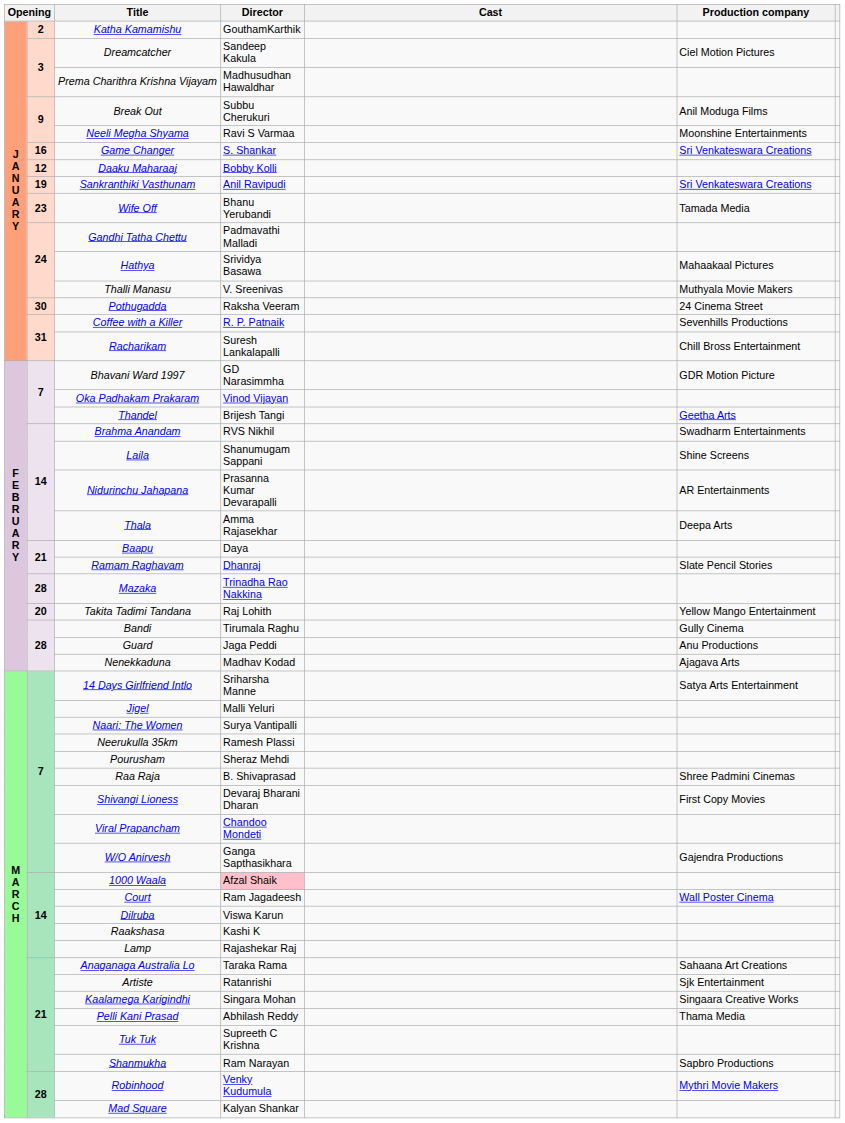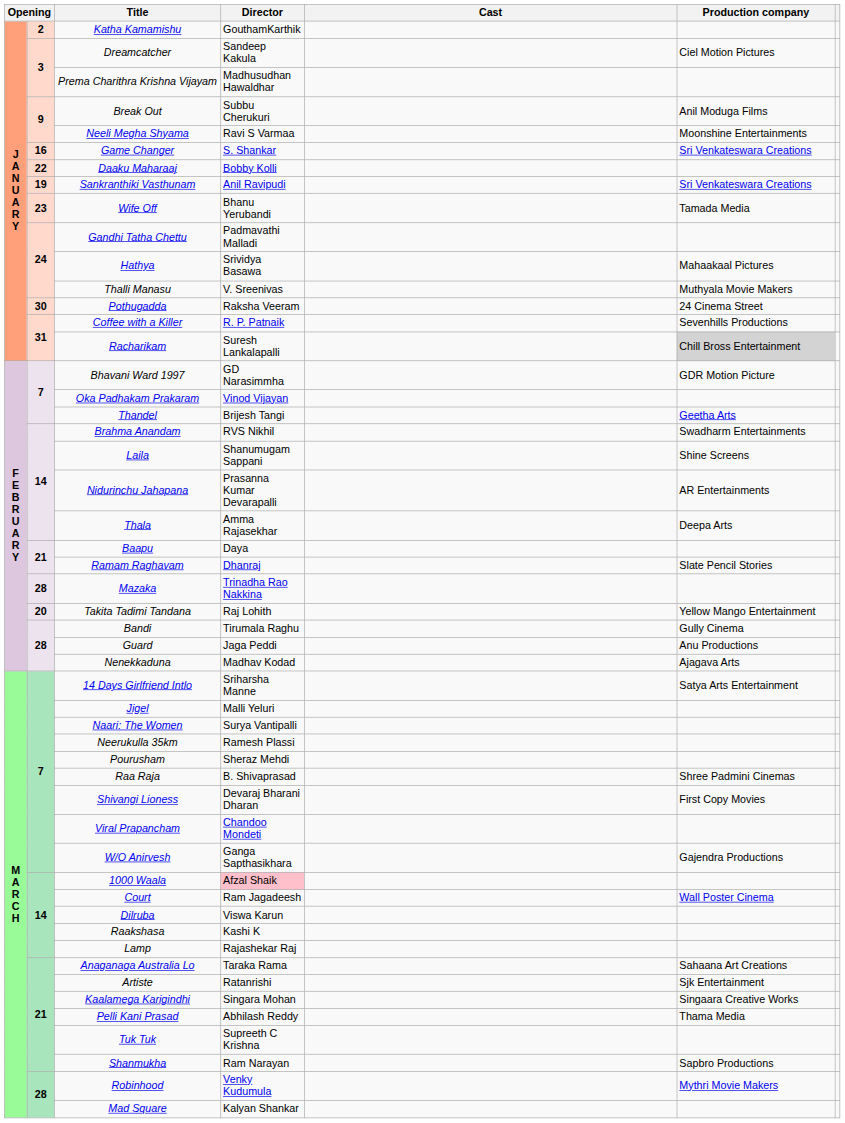 <table class="wikitable sortable">
 <tr>
 <th colspan="2" style="width:6%;">Opening</th>
 <th style="width:20%;">Title</th>
 <th style="width:10%;">Director</th>
 <th style="width:45%;">Cast</th>
 <th style="width:30%;">Production company</th>
 <th class="unsortable" style="width:1%;"></th>
 </tr>
 <tr>
 <td rowspan="15" style="text-align:center;background:#ffa07a;textcolor:#000;"><strong>J<br>A<br>N<br>U<br>A<br>R<br>Y</strong></td>
 <td style="text-align:center;background:#ffdacc;"><strong>2</strong></td>
 <td style="text-align:center;"><em><a href='#'>Katha Kamamishu</a></em></td>
 <td>GouthamKarthik</td>
 <td></td>
 <td></td>
 <td style="text-align:center;"></td>
 </tr>
 <tr>
 <td rowspan="2" style="text-align:center;background:#ffdacc;"><strong>3</strong></td>
 <td style="text-align:center;"><em>Dreamcatcher</em></td>
 <td>Sandeep Kakula</td>
 <td></td>
 <td>Ciel Motion Pictures</td>
 <td style="text-align:center;"></td>
 </tr>
 <tr>
 <td style="text-align:center;"><em>Prema Charithra Krishna Vijayam</em></td>
 <td>Madhusudhan Hawaldhar</td>
 <td></td>
 <td></td>
 <td style="text-align:center;"></td>
 </tr>
 <tr>
 <td rowspan="2" style="text-align:center;background:#ffdacc;"><strong>9</strong></td>
 <td style="text-align:center;"><em>Break Out</em></td>
 <td>Subbu Cherukuri</td>
 <td></td>
 <td>Anil Moduga Films</td>
 <td style="text-align:center;"></td>
 </tr>
 <tr>
 <td style="text-align:center;"><em><a href='#'>Neeli Megha Shyama</a></em></td>
 <td>Ravi S Varmaa</td>
 <td></td>
 <td>Moonshine Entertainments</td>
 <td style="text-align:center;"></td>
 </tr>
 <tr>
 <td style="text-align:center;background:#ffdacc;"><strong>16</strong></td>
 <td style="text-align:center;"><em><a href='#'>Game Changer</a></em></td>
 <td><a href='#'>S. Shankar</a></td>
 <td></td>
 <td><a href='#'>Sri Venkateswara Creations</a></td>
 <td style="text-align:center;"></td>
 </tr>
 <tr>
-<td style="text-align:center;background:#ffdacc;"><strong>12</strong></td>
+<td style="text-align:center;background:#ffdacc;"><strong>22</strong></td>
 <td style="text-align:center;"><em><a href='#'>Daaku Maharaaj</a></em></td>
 <td><a href='#'>Bobby Kolli</a></td>
 <td></td>
 <td></td>
 <td style="text-align:center;"></td>
 </tr>
 <tr>
 <td style="text-align:center;background:#ffdacc;"><strong>19</strong></td>
 <td style="text-align:center;"><em><a href='#'>Sankranthiki Vasthunam</a></em></td>
 <td><a href='#'>Anil Ravipudi</a></td>
 <td></td>
 <td><a href='#'>Sri Venkateswara Creations</a></td>
 <td style="text-align:center;"></td>
 </tr>
 <tr>
 <td rowspan="1" style="text-align:center;background:#ffdacc;"><strong>23</strong></td>
 <td style="text-align:center;"><em><a href='#'>Wife Off</a></em></td>
 <td>Bhanu Yerubandi</td>
 <td></td>
 <td>Tamada Media</td>
 <td style="text-align:center;"></td>
 </tr>
 <tr>
 <td rowspan="3" style="text-align:center;background:#ffdacc;"><strong>24</strong></td>
 <td style="text-align:center;"><em><a href='#'>Gandhi Tatha Chettu</a></em></td>
 <td>Padmavathi Malladi</td>
 <td></td>
 <td></td>
 <td style="text-align:center;"></td>
 </tr>
 <tr>
 <td style="text-align:center;"><em><a href='#'>Hathya</a></em></td>
 <td>Srividya Basawa</td>
 <td></td>
 <td>Mahaakaal Pictures</td>
 <td style="text-align:center;"></td>
 </tr>
 <tr>
 <td style="text-align:center;"><em>Thalli Manasu</em></td>
 <td>V. Sreenivas</td>
 <td></td>
 <td>Muthyala Movie Makers</td>
 <td style="text-align:center;"></td>
 </tr>
 <tr>
 <td rowspan="1" style="text-align:center;background:#ffdacc;"><strong>30</strong></td>
 <td style="text-align:center;"><em><a href='#'>Pothugadda</a></em></td>
 <td>Raksha Veeram</td>
 <td></td>
 <td>24 Cinema Street</td>
 <td style="text-align:center;"></td>
 </tr>
 <tr>
 <td rowspan="2" style="text-align:center;background:#ffdacc;"><strong>31</strong></td>
 <td style="text-align:center;"><em><a href='#'>Coffee with a Killer</a></em></td>
 <td><a href='#'>R. P. Patnaik</a></td>
 <td></td>
 <td>Sevenhills Productions</td>
 <td style="text-align:center;"></td>
 </tr>
 <tr>
 <td style="text-align:center;"><em><a href='#'>Racharikam</a></em></td>
 <td>Suresh Lankalapalli</td>
 <td></td>
-<td>Chill Bross Entertainment</td>
+<td style="background: lightgrey;">Chill Bross Entertainment</td>
 <td style="text-align:center;"></td>
 </tr>
 <tr>
 <td rowspan="14" style="text-align:center; background:#dcc7df; textcolor:#000;"><strong>F<br>E<br>B<br>R<br>U<br>A<br>R<br>Y</strong></td>
 <td rowspan="3" style="text-align:center; background:#ede3ef;"><strong>7</strong></td>
 <td style="text-align:center;"><em>Bhavani Ward 1997</em></td>
 <td>GD Narasimmha</td>
 <td></td>
 <td>GDR Motion Picture</td>
 <td style="text-align:center;"></td>
 </tr>
 <tr>
 <td style="text-align:center;"><em><a href='#'>Oka Padhakam Prakaram</a></em></td>
 <td><a href='#'>Vinod Vijayan</a></td>
 <td></td>
 <td></td>
 <td style="text-align:center;"></td>
 </tr>
 <tr>
 <td style="text-align:center;"><em><a href='#'>Thandel</a></em></td>
 <td>Brijesh Tangi</td>
 <td></td>
 <td><a href='#'>Geetha Arts</a></td>
 <td style="text-align:center;"></td>
 </tr>
 <tr>
 <td rowspan="4" style="text-align:center; background:#ede3ef;"><strong>14</strong></td>
 <td style="text-align:center;"><em><a href='#'>Brahma Anandam</a></em></td>
 <td>RVS Nikhil</td>
 <td></td>
 <td>Swadharm Entertainments</td>
 <td style="text-align:center;"></td>
 </tr>
 <tr>
 <td style="text-align:center;"><em><a href='#'>Laila</a></em></td>
 <td>Shanumugam Sappani</td>
 <td></td>
 <td>Shine Screens</td>
 <td style="text-align:center;"></td>
 </tr>
 <tr>
 <td style="text-align:center;"><em><a href='#'>Nidurinchu Jahapana</a></em></td>
 <td>Prasanna Kumar Devarapalli</td>
 <td></td>
 <td>AR Entertainments</td>
 <td style="text-align:center;"></td>
 </tr>
 <tr>
 <td style="text-align:center;"><em><a href='#'>Thala</a></em></td>
 <td>Amma Rajasekhar</td>
 <td></td>
 <td>Deepa Arts</td>
 <td style="text-align:center;"></td>
 </tr>
 <tr>
 <td rowspan="2" style="text-align:center; background:#ede3ef;"><strong>21</strong></td>
 <td style="text-align:center;"><em><a href='#'>Baapu</a></em></td>
 <td>Daya</td>
 <td></td>
 <td></td>
 <td style="text-align:center;"></td>
 </tr>
 <tr>
 <td style="text-align:center;"><em><a href='#'>Ramam Raghavam</a></em></td>
 <td><a href='#'>Dhanraj</a></td>
 <td></td>
 <td>Slate Pencil Stories</td>
 <td style="text-align:center;"></td>
 </tr>
 <tr>
 <td style="text-align:center; background:#ede3ef;"><strong>28</strong></td>
 <td style="text-align:center;"><em><a href='#'>Mazaka</a></em></td>
 <td><a href='#'>Trinadha Rao Nakkina</a></td>
 <td></td>
 <td></td>
 <td style="text-align:center;"></td>
 </tr>
 <tr>
 <td style="text-align:center; background:#ede3ef;"><strong>20</strong></td>
 <td style="text-align:center;"><em>Takita Tadimi Tandana</em></td>
 <td>Raj Lohith</td>
 <td></td>
 <td>Yellow Mango Entertainment</td>
 <td style="text-align:center;"></td>
 </tr>
 <tr>
 <td rowspan="3" style="text-align:center; background:#ede3ef;"><strong>28</strong></td>
 <td style="text-align:center;"><em>Bandi</em></td>
 <td>Tirumala Raghu</td>
 <td></td>
 <td>Gully Cinema</td>
 <td style="text-align:center;"></td>
 </tr>
 <tr>
 <td style="text-align:center;"><em>Guard</em></td>
 <td>Jaga Peddi</td>
 <td></td>
 <td>Anu Productions</td>
 <td style="text-align:center;"></td>
 </tr>
 <tr>
 <td style="text-align:center;"><em>Nenekkaduna</em></td>
 <td>Madhav Kodad</td>
 <td></td>
 <td>Ajagava Arts</td>
 <td style="text-align:center;"></td>
 </tr>
 <tr>
 <td rowspan="22" style="text-align:center; background:#98fb98; textcolor:#000;"><strong>M<br>A<br>R<br>C<br>H</strong></td>
 <td rowspan="9" style="text-align:center; background:#a8e4bc;"><strong>7</strong></td>
 <td style="text-align:center;"><em><a href='#'>14 Days Girlfriend Intlo</a></em></td>
 <td>Sriharsha Manne</td>
 <td></td>
 <td>Satya Arts Entertainment</td>
 <td style="text-align:center;"></td>
 </tr>
 <tr>
 <td style="text-align:center;"><em><a href='#'>Jigel</a></em></td>
 <td>Malli Yeluri</td>
 <td></td>
 <td></td>
 <td style="text-align:center;"></td>
 </tr>
 <tr>
 <td style="text-align:center;"><em><a href='#'>Naari: The Women</a></em></td>
 <td>Surya Vantipalli</td>
 <td></td>
 <td></td>
 <td style="text-align:center;"></td>
 </tr>
 <tr>
 <td style="text-align:center;"><em>Neerukulla 35km</em></td>
 <td>Ramesh Plassi</td>
 <td></td>
 <td></td>
 <td style="text-align:center;"></td>
 </tr>
 <tr>
 <td style="text-align:center;"><em>Pourusham</em></td>
 <td>Sheraz Mehdi</td>
 <td></td>
 <td></td>
 <td style="text-align:center;"></td>
 </tr>
 <tr>
 <td style="text-align:center;"><em>Raa Raja</em></td>
 <td>B. Shivaprasad</td>
 <td></td>
 <td>Shree Padmini Cinemas</td>
 <td style="text-align:center;"></td>
 </tr>
 <tr>
 <td style="text-align:center;"><em><a href='#'>Shivangi Lioness</a></em></td>
 <td>Devaraj Bharani Dharan</td>
 <td></td>
 <td>First Copy Movies</td>
 <td style="text-align:center;"></td>
 </tr>
 <tr>
 <td style="text-align:center;"><em><a href='#'>Viral Prapancham</a></em></td>
 <td><a href='#'>Chandoo Mondeti</a></td>
 <td></td>
 <td></td>
 <td style="text-align:center;"></td>
 </tr>
 <tr>
 <td style="text-align:center;"><em><a href='#'>W/O Anirvesh</a></em></td>
 <td>Ganga Sapthasikhara</td>
 <td></td>
 <td>Gajendra Productions</td>
 <td style="text-align:center;"></td>
 </tr>
 <tr>
 <td rowspan="5" style="text-align:center; background:#a8e4bc;"><strong>14</strong></td>
 <td style="text-align:center;"><em><a href='#'>1000 Waala</a></em></td>
 <td style="background: pink;">Afzal Shaik</td>
 <td></td>
 <td></td>
 <td style="text-align:center;"></td>
 </tr>
 <tr>
 <td style="text-align:center;"><em><a href='#'>Court</a></em></td>
 <td>Ram Jagadeesh</td>
 <td></td>
 <td><a href='#'>Wall Poster Cinema</a></td>
 <td style="text-align:center;"></td>
 </tr>
 <tr>
 <td style="text-align:center;"><em><a href='#'>Dilruba</a></em></td>
 <td>Viswa Karun</td>
 <td></td>
 <td></td>
 <td style="text-align:center;"></td>
 </tr>
 <tr>
 <td style="text-align:center;"><em>Raakshasa</em></td>
 <td>Kashi K</td>
 <td></td>
 <td></td>
 <td style="text-align:center;"></td>
 </tr>
 <tr>
 <td style="text-align:center;"><em>Lamp</em></td>
 <td>Rajashekar Raj</td>
 <td></td>
 <td></td>
 <td style="text-align:center;"></td>
 </tr>
 <tr>
 <td rowspan="6" style="text-align:center; background:#a8e4bc;"><strong>21</strong></td>
 <td style="text-align:center;"><em><a href='#'>Anaganaga Australia Lo</a></em></td>
 <td>Taraka Rama</td>
 <td></td>
 <td>Sahaana Art Creations</td>
 <td style="text-align:center;"></td>
 </tr>
 <tr>
 <td style="text-align:center;"><em>Artiste</em></td>
 <td>Ratanrishi</td>
 <td></td>
 <td>Sjk Entertainment</td>
 <td style="text-align:center;"></td>
 </tr>
 <tr>
 <td style="text-align:center;"><em><a href='#'>Kaalamega Karigindhi</a></em></td>
 <td>Singara Mohan</td>
 <td></td>
 <td>Singaara Creative Works</td>
 <td style="text-align:center;"></td>
 </tr>
 <tr>
 <td style="text-align:center;"><em><a href='#'>Pelli Kani Prasad</a></em></td>
 <td>Abhilash Reddy</td>
 <td></td>
 <td>Thama Media</td>
 <td style="text-align:center;"></td>
 </tr>
 <tr>
 <td style="text-align:center;"><em><a href='#'>Tuk Tuk</a></em></td>
 <td>Supreeth C Krishna</td>
 <td></td>
 <td></td>
 <td style="text-align:center;"></td>
 </tr>
 <tr>
 <td style="text-align:center;"><em><a href='#'>Shanmukha</a></em></td>
 <td>Ram Narayan</td>
 <td></td>
 <td>Sapbro Productions</td>
 <td style="text-align:center;"></td>
 </tr>
 <tr>
 <td rowspan="2" style="text-align:center; background:#a8e4bc;"><strong>28</strong></td>
 <td style="text-align:center;"><em><a href='#'>Robinhood</a></em></td>
 <td><a href='#'>Venky Kudumula</a></td>
 <td></td>
 <td><a href='#'>Mythri Movie Makers</a></td>
 <td style="text-align:center;"></td>
 </tr>
 <tr>
 <td style="text-align:center;"><em><a href='#'>Mad Square</a></em></td>
 <td>Kalyan Shankar</td>
 <td></td>
 <td></td>
 <td style="text-align:center;"></td>
 </tr>
 </table>
